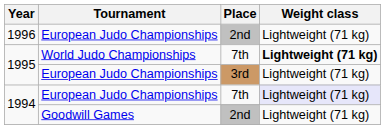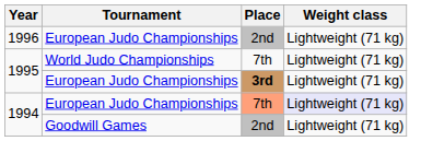 <table class=wikitable>
 <tr>
 <th>Year</th>
 <th>Tournament</th>
 <th>Place</th>
 <th>Weight class</th>
 </tr>
 <tr>
 <td>1996</td>
 <td><a href='#'>European Judo Championships</a></td>
 <td bgcolor="silver" align="center">2nd</td>
 <td>Lightweight (71 kg)</td>
 </tr>
 <tr>
 <td rowspan=2>1995</td>
 <td><a href='#'>World Judo Championships</a></td>
 <td align="center">7th</td>
-<td><strong>Lightweight (71 kg)</strong></td>
+<td>Lightweight (71 kg)</td>
 </tr>
 <tr>
 <td><a href='#'>European Judo Championships</a></td>
-<td bgcolor="cc9966" align="center">3rd</td>
+<td bgcolor="cc9966" align="center"><strong>3rd</strong></td>
 <td>Lightweight (71 kg)</td>
 </tr>
 <tr>
 <td rowspan=2>1994</td>
 <td><a href='#'>European Judo Championships</a></td>
-<td align="center">7th</td>
+<td align="center" style="background: lightsalmon;">7th</td>
 <td style="background: lavender;">Lightweight (71 kg)</td>
 </tr>
 <tr>
 <td><a href='#'>Goodwill Games</a></td>
 <td bgcolor="silver" align="center">2nd</td>
 <td>Lightweight (71 kg)</td>
 </tr>
 </table>
